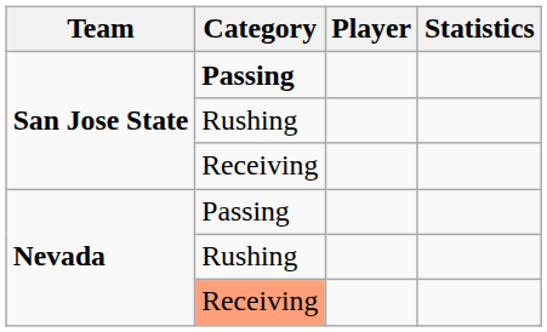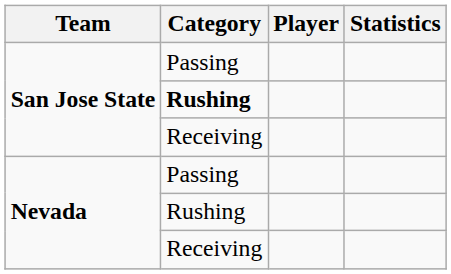 <table class="wikitable" style="float: right;">
 <tr>
 <th>Team</th>
 <th>Category</th>
 <th>Player</th>
 <th>Statistics</th>
 </tr>
 <tr>
 <td rowspan=3><strong>San Jose State</strong></td>
-<td><strong>Passing</strong></td>
+<td>Passing</td>
 <td></td>
 <td></td>
 </tr>
 <tr>
-<td>Rushing</td>
+<td><strong>Rushing</strong></td>
 <td></td>
 <td></td>
 </tr>
 <tr>
 <td>Receiving</td>
 <td></td>
 <td></td>
 </tr>
 <tr>
 <td rowspan=3><strong>Nevada</strong></td>
 <td>Passing</td>
 <td></td>
 <td></td>
 </tr>
 <tr>
 <td>Rushing</td>
 <td></td>
 <td></td>
 </tr>
 <tr>
-<td style="background: lightsalmon;">Receiving</td>
+<td>Receiving</td>
 <td></td>
 <td></td>
 </tr>
 </table>
